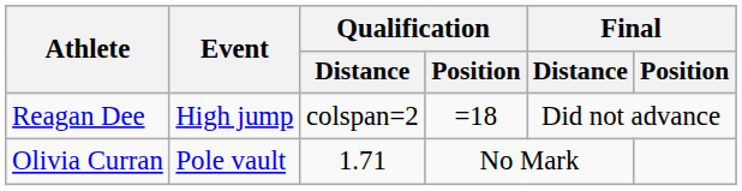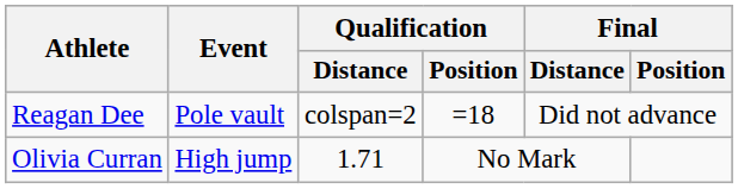 <table class=wikitable style="font-size:90%">
 <tr>
 <th rowspan="2">Athlete</th>
 <th rowspan="2">Event</th>
 <th colspan="2">Qualification</th>
 <th colspan="2">Final</th>
 </tr>
 <tr style="font-size:95%">
 <th>Distance</th>
 <th>Position</th>
 <th>Distance</th>
 <th>Position</th>
 </tr>
 <tr align=center>
 <td align=left><a href='#'>Reagan Dee</a></td>
-<td style="text-align:left;"><a href='#'>High jump</a></td>
+<td style="text-align:left;"><a href='#'>Pole vault</a></td>
 <td>colspan=2 </td>
 <td>=18</td>
 <td colspan=2>Did not advance</td>
 </tr>
 <tr align=center>
 <td align=left><a href='#'>Olivia Curran</a></td>
-<td style="text-align:left;"><a href='#'>Pole vault</a></td>
+<td style="text-align:left;"><a href='#'>High jump</a></td>
 <td>1.71</td>
 <td colspan=2>No Mark</td>
 </tr>
 </table>
